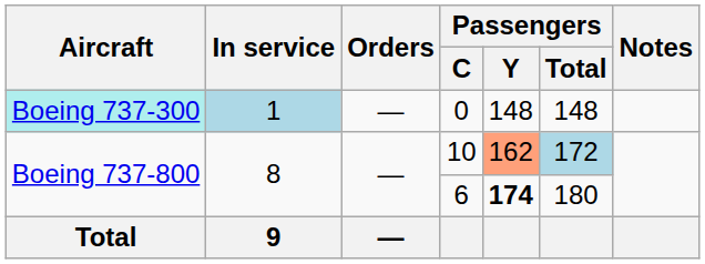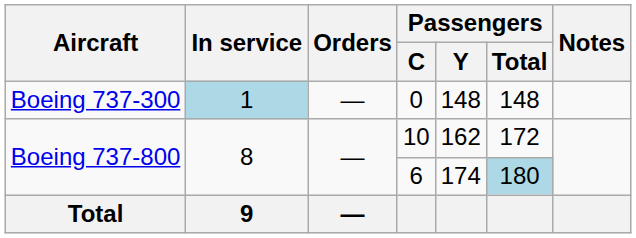 <table class="wikitable" style="margin:1em auto;border-collapse:collapse;text-align:center;">
 <tr>
 <th rowspan="2">Aircraft</th>
 <th rowspan="2">In service</th>
 <th rowspan="2">Orders</th>
 <th colspan="3">Passengers</th>
 <th rowspan="2">Notes</th>
 </tr>
 <tr>
 <th><abbr>C</abbr></th>
 <th><abbr>Y</abbr></th>
 <th>Total</th>
 </tr>
 <tr>
-<td style="background: paleturquoise;"><a href='#'>Boeing 737-300</a></td>
+<td><a href='#'>Boeing 737-300</a></td>
 <td style="background: lightblue;">1</td>
 <td>—</td>
 <td>0</td>
 <td>148</td>
 <td>148</td>
 <td></td>
 </tr>
 <tr>
 <td rowspan="2"><a href='#'>Boeing 737-800</a></td>
 <td rowspan="2">8</td>
 <td rowspan="2">—</td>
 <td>10</td>
-<td style="background: lightsalmon;">162</td>
-<td style="background: lightblue;">172</td>
+<td>162</td>
+<td>172</td>
 <td rowspan="2"></td>
 </tr>
 <tr>
 <td>6</td>
-<td><strong>174</strong></td>
-<td>180</td>
+<td>174</td>
+<td style="background: lightblue;">180</td>
 </tr>
 <tr>
 <th>Total</th>
 <th>9</th>
 <th>—</th>
 <th></th>
 <th></th>
 <th></th>
 <th></th>
 </tr>
 </table>
